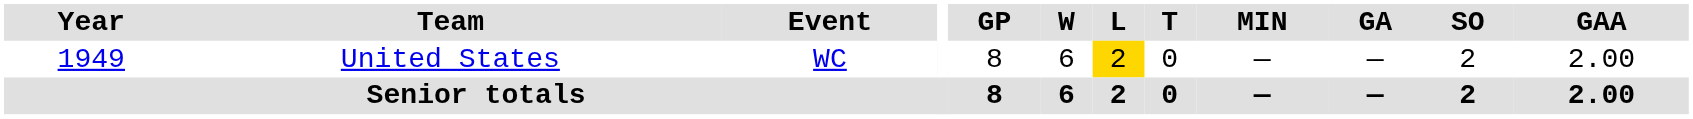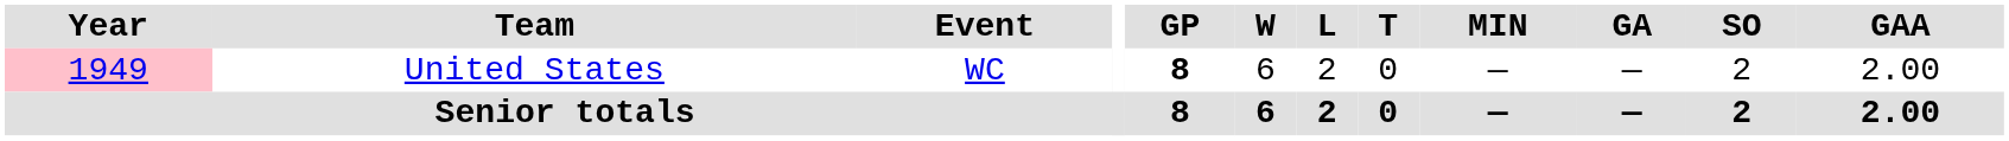 <table border="0" cellpadding="1" cellspacing="0" ID="Table3" style="text-align:center; width:60em">
 <tr ALIGN="center" bgcolor="#e0e0e0">
 <th>Year</th>
 <th>Team</th>
 <th>Event</th>
 <th rowspan="99" bgcolor="#ffffff"></th>
 <th>GP</th>
 <th>W</th>
 <th>L</th>
 <th>T</th>
 <th>MIN</th>
 <th>GA</th>
 <th>SO</th>
 <th>GAA</th>
 </tr>
 <tr>
-<td><a href='#'>1949</a></td>
+<td style="background: pink;"><a href='#'>1949</a></td>
 <td><a href='#'>United States</a></td>
 <td><a href='#'>WC</a></td>
-<td>8</td>
+<td><strong>8</strong></td>
 <td>6</td>
-<td style="background: gold;">2</td>
+<td>2</td>
 <td>0</td>
 <td>—</td>
 <td>—</td>
 <td>2</td>
 <td>2.00</td>
 </tr>
 <tr bgcolor="#e0e0e0">
 <th colspan=4>Senior totals</th>
 <th>8</th>
 <th>6</th>
 <th>2</th>
 <th>0</th>
 <th>—</th>
 <th>—</th>
 <th>2</th>
 <th>2.00</th>
 </tr>
 </table>
